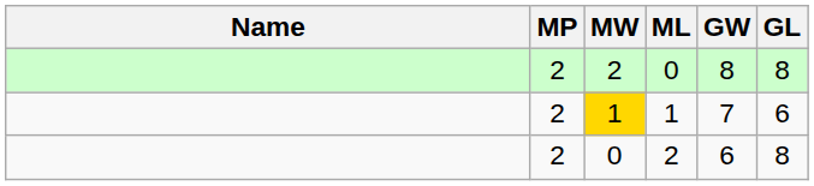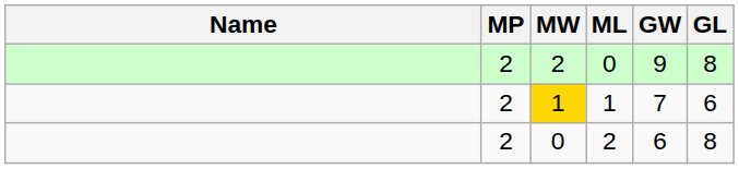 <table class=wikitable style="text-align:center">
 <tr>
 <th width=300>Name</th>
 <th width=20>MP</th>
 <th width=20>MW</th>
 <th width=20>ML</th>
 <th width=20>GW</th>
 <th width=20>GL</th>
 </tr>
 <tr style="background-color:#ccffcc;">
 <td style="text-align:left;"><strong></strong></td>
 <td>2</td>
 <td>2</td>
 <td>0</td>
-<td>8</td>
+<td>9</td>
 <td>8</td>
 </tr>
 <tr>
 <td style="text-align:left;"></td>
 <td>2</td>
 <td style="background: gold;">1</td>
 <td>1</td>
 <td>7</td>
 <td>6</td>
 </tr>
 <tr>
 <td style="text-align:left;"></td>
 <td>2</td>
 <td>0</td>
 <td>2</td>
 <td>6</td>
 <td>8</td>
 </tr>
 </table>
